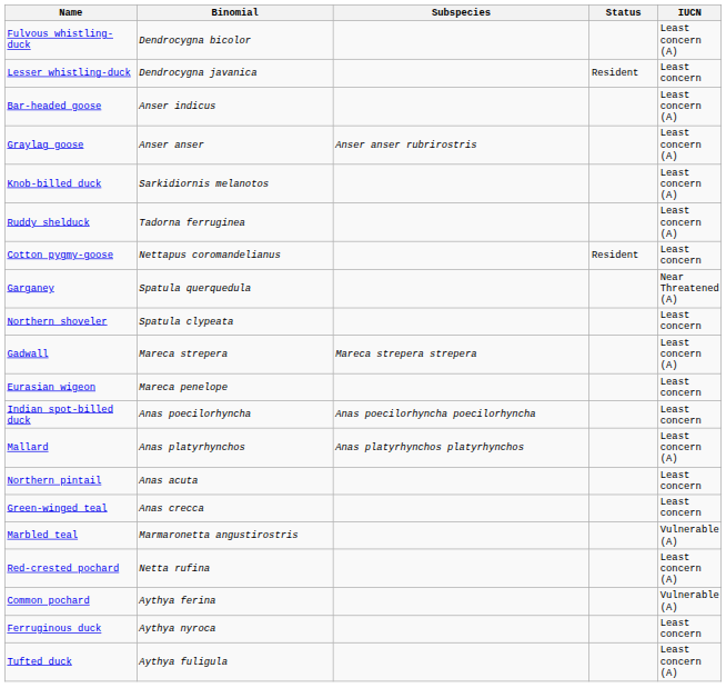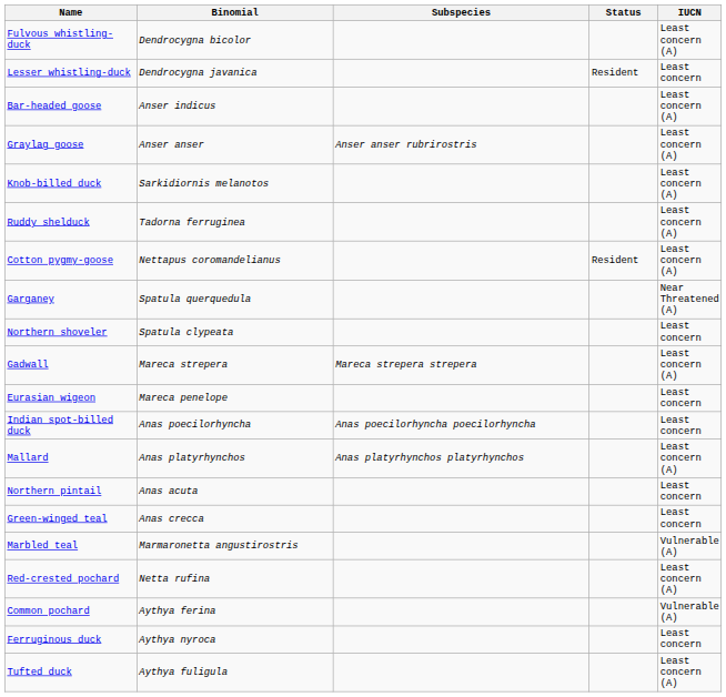 <table width=60% class="wikitable">
 <tr>
 <th width=20%>Name</th>
 <th width=30%>Binomial</th>
 <th width=40%>Subspecies</th>
 <th width=30%>Status</th>
 <th width=30%>IUCN</th>
 </tr>
 <tr>
 <td><a href='#'>Fulvous whistling-duck</a><br></td>
 <td><em>Dendrocygna bicolor</em></td>
 <td></td>
 <td></td>
 <td>Least concern<br>(A)</td>
 </tr>
 <tr>
 <td><a href='#'>Lesser whistling-duck</a><br></td>
 <td><em>Dendrocygna javanica</em></td>
 <td></td>
 <td>Resident</td>
 <td>Least concern</td>
 </tr>
 <tr>
 <td><a href='#'>Bar-headed goose</a><br></td>
 <td><em>Anser indicus</em></td>
 <td></td>
 <td></td>
 <td>Least concern<br>(A)</td>
 </tr>
 <tr>
 <td><a href='#'>Graylag goose</a><br></td>
 <td><em>Anser anser</em></td>
 <td><em>Anser anser rubrirostris</em></td>
 <td></td>
 <td>Least concern<br>(A)</td>
 </tr>
 <tr>
 <td><a href='#'>Knob-billed duck</a><br></td>
 <td><em>Sarkidiornis melanotos</em></td>
 <td></td>
 <td></td>
 <td>Least concern<br>(A)</td>
 </tr>
 <tr>
 <td><a href='#'>Ruddy shelduck</a><br></td>
 <td><em>Tadorna ferruginea</em></td>
 <td></td>
 <td></td>
 <td>Least concern<br>(A)</td>
 </tr>
 <tr>
 <td><a href='#'>Cotton pygmy-goose</a><br></td>
 <td><em>Nettapus coromandelianus</em></td>
 <td></td>
 <td>Resident</td>
-<td>Least concern</td>
+<td>Least concern<br>(A)</td>
 </tr>
 <tr>
 <td><a href='#'>Garganey</a><br></td>
 <td><em>Spatula querquedula</em></td>
 <td></td>
 <td></td>
 <td>Near Threatened<br>(A)</td>
 </tr>
 <tr>
 <td><a href='#'>Northern shoveler</a><br></td>
 <td><em>Spatula clypeata</em></td>
 <td></td>
 <td></td>
 <td>Least concern</td>
 </tr>
 <tr>
 <td><a href='#'>Gadwall</a><br> </td>
 <td><em>Mareca strepera</em></td>
 <td><em>Mareca strepera strepera</em></td>
 <td></td>
 <td>Least concern<br>(A)</td>
 </tr>
 <tr>
 <td><a href='#'>Eurasian wigeon</a><br></td>
 <td><em>Mareca penelope</em></td>
 <td></td>
 <td></td>
 <td>Least concern</td>
 </tr>
 <tr>
 <td><a href='#'>Indian spot-billed duck</a><br></td>
 <td><em>Anas poecilorhyncha</em></td>
 <td><em>Anas poecilorhyncha poecilorhyncha</em></td>
 <td></td>
 <td>Least concern</td>
 </tr>
 <tr>
 <td><a href='#'>Mallard</a><br></td>
 <td><em>Anas platyrhynchos</em></td>
 <td><em>Anas platyrhynchos platyrhynchos</em></td>
 <td></td>
 <td>Least concern<br>(A)</td>
 </tr>
 <tr>
 <td><a href='#'>Northern pintail</a><br></td>
 <td><em>Anas acuta</em></td>
 <td></td>
 <td></td>
 <td>Least concern</td>
 </tr>
 <tr>
 <td><a href='#'>Green-winged teal</a><br></td>
 <td><em>Anas crecca</em></td>
 <td></td>
 <td></td>
 <td>Least concern</td>
 </tr>
 <tr>
 <td><a href='#'>Marbled teal</a><br></td>
 <td><em>Marmaronetta angustirostris</em></td>
 <td></td>
 <td></td>
 <td>Vulnerable<br>(A)</td>
 </tr>
 <tr>
 <td><a href='#'>Red-crested pochard</a><br> </td>
 <td><em>Netta rufina</em></td>
 <td></td>
 <td></td>
 <td>Least concern<br>(A)</td>
 </tr>
 <tr>
 <td><a href='#'>Common pochard</a><br> </td>
 <td><em>Aythya ferina</em></td>
 <td></td>
 <td></td>
 <td>Vulnerable<br>(A)</td>
 </tr>
 <tr>
 <td><a href='#'>Ferruginous duck</a><br></td>
 <td><em>Aythya nyroca</em></td>
 <td></td>
 <td></td>
 <td>Least concern</td>
 </tr>
 <tr>
 <td><a href='#'>Tufted duck</a><br></td>
 <td><em>Aythya fuligula</em></td>
 <td></td>
 <td></td>
 <td>Least concern<br>(A)</td>
 </tr>
 </table>
